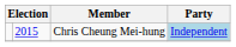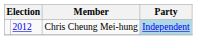 <table class="wikitable">
 <tr>
 <th colspan="2">Election</th>
 <th>Member</th>
 <th>Party</th>
 </tr>
 <tr>
 <td style="background-color:"></td>
-<td><a href='#'>2015</a></td>
+<td><a href='#'>2012</a></td>
 <td>Chris Cheung Mei-hung</td>
 <td style="background: lightblue;"><a href='#'>Independent</a></td>
 </tr>
 <tr>
 </tr>
 </table>
